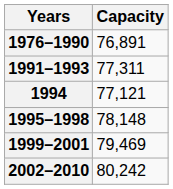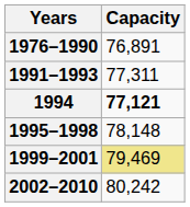 <table class="wikitable">
 <tr>
 <th scope="col">Years</th>
 <th scope="col">Capacity</th>
 </tr>
 <tr>
 <th scope="row">1976–1990</th>
 <td>76,891</td>
 </tr>
 <tr>
 <th scope="row">1991–1993</th>
 <td>77,311</td>
 </tr>
 <tr>
 <th scope="row">1994</th>
-<td>77,121</td>
+<td><strong>77,121</strong></td>
 </tr>
 <tr>
 <th scope="row">1995–1998</th>
 <td>78,148</td>
 </tr>
 <tr>
 <th scope="row">1999–2001</th>
-<td>79,469</td>
+<td style="background: khaki;">79,469</td>
 </tr>
 <tr>
 <th scope="row">2002–2010</th>
 <td>80,242</td>
 </tr>
 </table>
